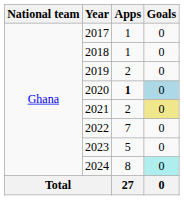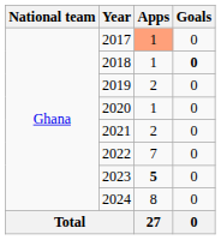 <table class="wikitable" style="text-align:center">
 <tr>
 <th>National team</th>
 <th>Year</th>
 <th>Apps</th>
 <th>Goals</th>
 </tr>
 <tr>
 <td rowspan="8"><a href='#'>Ghana</a></td>
 <td>2017</td>
-<td>1</td>
+<td style="background: lightsalmon;">1</td>
 <td>0</td>
 </tr>
 <tr>
 <td>2018</td>
 <td>1</td>
-<td>0</td>
+<td><strong>0</strong></td>
 </tr>
 <tr>
 <td>2019</td>
 <td>2</td>
 <td>0</td>
 </tr>
 <tr>
 <td>2020</td>
-<td><strong>1</strong></td>
-<td style="background: lightblue;">0</td>
+<td>1</td>
+<td>0</td>
 </tr>
 <tr>
 <td>2021</td>
 <td>2</td>
-<td style="background: khaki;">0</td>
+<td>0</td>
 </tr>
 <tr>
 <td>2022</td>
 <td>7</td>
 <td>0</td>
 </tr>
 <tr>
 <td>2023</td>
-<td>5</td>
+<td><strong>5</strong></td>
 <td>0</td>
 </tr>
 <tr>
 <td>2024</td>
 <td>8</td>
-<td style="background: paleturquoise;">0</td>
+<td>0</td>
 </tr>
 <tr>
 <th colspan="2">Total</th>
 <th>27</th>
 <th>0</th>
 </tr>
 </table>
